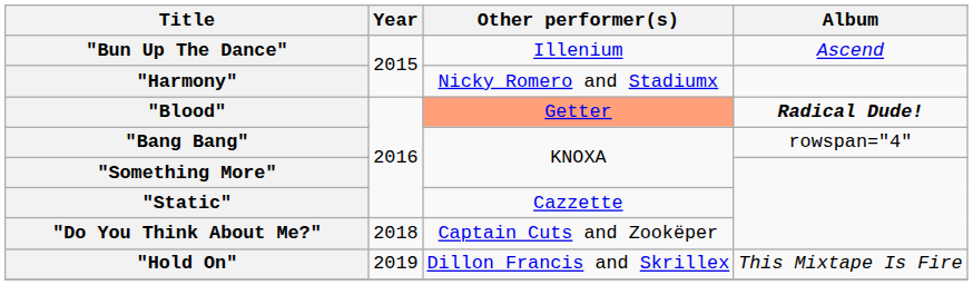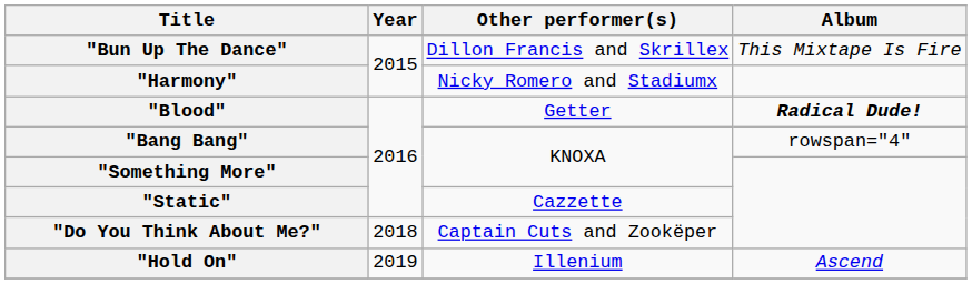 <table class="wikitable plainrowheaders" style="text-align:center;">
 <tr>
 <th style="width:19em;">Title<br></th>
 <th>Year</th>
 <th>Other performer(s)</th>
 <th>Album</th>
 </tr>
 <tr>
 <th scope="row">"Bun Up The Dance"</th>
 <td rowspan="2">2015</td>
-<td><a href='#'>Illenium</a></td>
-<td><em><a href='#'>Ascend</a></em></td>
+<td><a href='#'>Dillon Francis</a> and <a href='#'>Skrillex</a></td>
+<td><em>This Mixtape Is Fire</em></td>
 </tr>
 <tr>
 <th scope="row">"Harmony"</th>
 <td><a href='#'>Nicky Romero</a> and <a href='#'>Stadiumx</a></td>
 <td></td>
 </tr>
 <tr>
 <th scope="row">"Blood"</th>
 <td rowspan="4">2016</td>
-<td style="background: lightsalmon;"><a href='#'>Getter</a></td>
+<td><a href='#'>Getter</a></td>
 <td><strong><em>Radical Dude!</em></strong></td>
 </tr>
 <tr>
 <th scope="row">"Bang Bang"</th>
 <td rowspan="2">KNOXA</td>
 <td>rowspan="4" </td>
 </tr>
 <tr>
 <th scope="row">"Something More"</th>
 </tr>
 <tr>
 <th scope="row">"Static"</th>
 <td><a href='#'>Cazzette</a></td>
 </tr>
 <tr>
 <th scope="row">"Do You Think About Me?"</th>
 <td>2018</td>
 <td><a href='#'>Captain Cuts</a> and Zookëper</td>
 </tr>
 <tr>
 <th scope="row">"Hold On"</th>
 <td>2019</td>
-<td><a href='#'>Dillon Francis</a> and <a href='#'>Skrillex</a></td>
-<td><em>This Mixtape Is Fire</em></td>
+<td><a href='#'>Illenium</a></td>
+<td><em><a href='#'>Ascend</a></em></td>
 </tr>
 <tr>
 </tr>
 </table>
